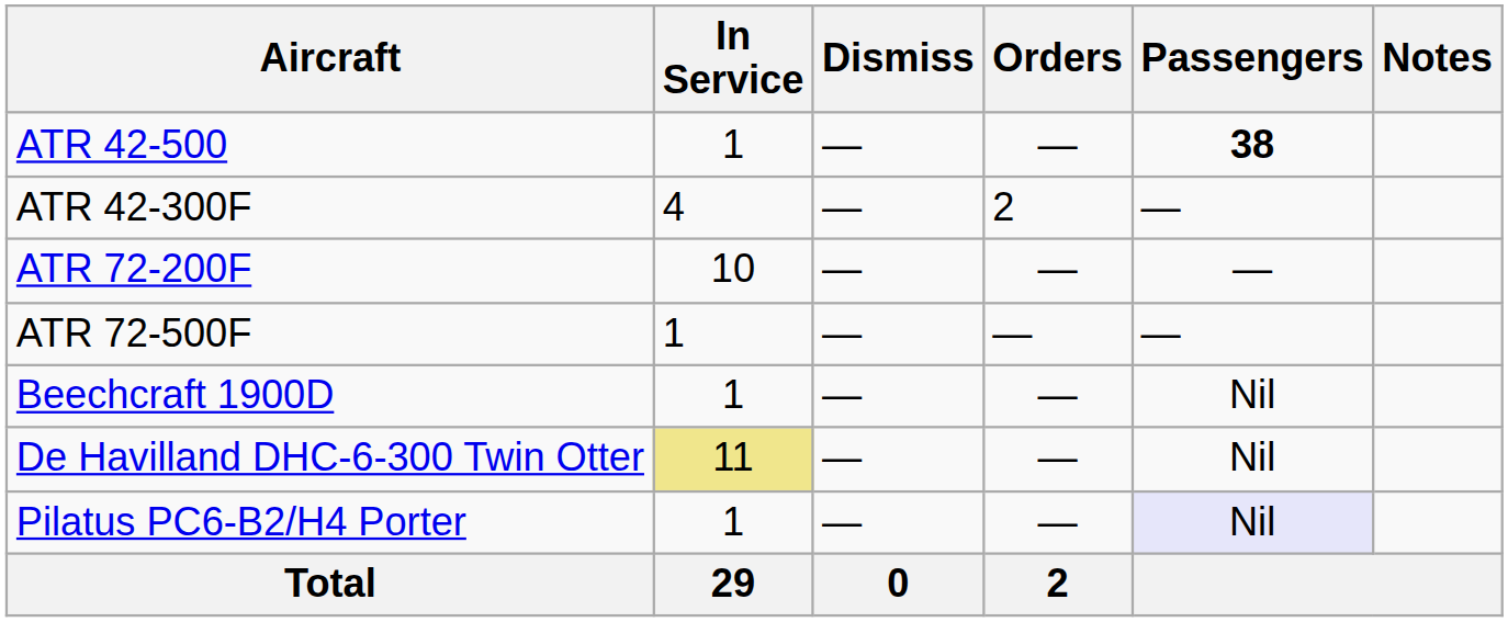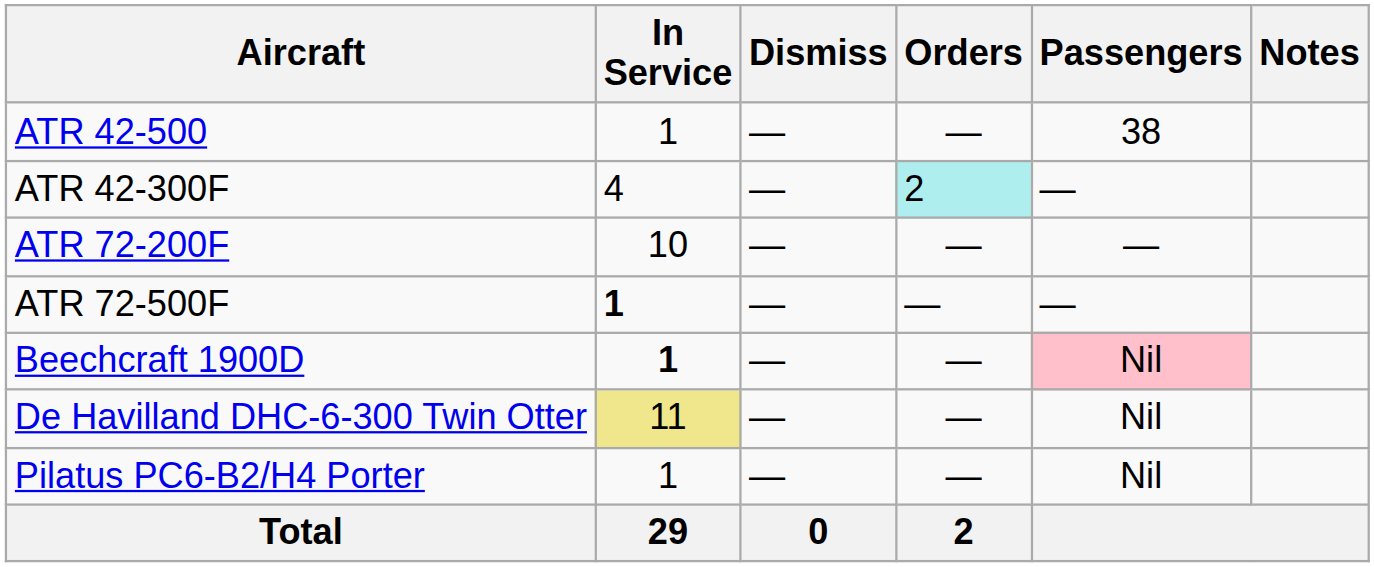 <table class="wikitable" style="margin:0.5em auto">
 <tr>
 <th>Aircraft</th>
 <th>In<br>Service</th>
 <th>Dismiss</th>
 <th>Orders</th>
 <th>Passengers</th>
 <th>Notes</th>
 </tr>
 <tr>
 <td><a href='#'>ATR 42-500</a></td>
 <td align="center">1</td>
 <td>—</td>
 <td align="center">—</td>
-<td align="center"><strong>38</strong></td>
+<td align="center">38</td>
 <td></td>
 </tr>
 <tr>
 <td>ATR 42-300F</td>
 <td>4</td>
 <td>—</td>
-<td>2</td>
+<td style="background: paleturquoise;">2</td>
 <td>—</td>
 <td></td>
 </tr>
 <tr>
 <td><a href='#'>ATR 72-200F</a></td>
 <td align="center">10</td>
 <td>—</td>
 <td align="center">—</td>
 <td align="center">—</td>
 <td></td>
 </tr>
 <tr>
 <td>ATR 72-500F</td>
-<td>1</td>
+<td><strong>1</strong></td>
 <td>—</td>
 <td>—</td>
 <td>—</td>
 <td></td>
 </tr>
 <tr>
 <td><a href='#'>Beechcraft 1900D</a></td>
-<td align="center">1</td>
+<td align="center"><strong>1</strong></td>
 <td>—</td>
 <td align="center">—</td>
-<td align="center">Nil</td>
+<td align="center" style="background: pink;">Nil</td>
 <td></td>
 </tr>
 <tr>
 <td><a href='#'>De Havilland DHC-6-300 Twin Otter</a></td>
 <td align="center" style="background: khaki;">11</td>
 <td>—</td>
 <td align="center">—</td>
 <td align="center">Nil</td>
 <td></td>
 </tr>
 <tr>
 <td><a href='#'>Pilatus PC6-B2/H4 Porter</a></td>
 <td align="center">1</td>
 <td>—</td>
 <td align="center">—</td>
-<td align="center" style="background: lavender;">Nil</td>
+<td align="center">Nil</td>
 <td></td>
 </tr>
 <tr>
 <th>Total</th>
 <th>29</th>
 <th>0</th>
 <th>2</th>
 <th colspan="2"></th>
 </tr>
 </table>
